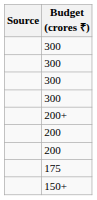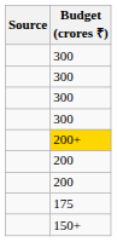 <table class="wikitable floatright sortable">
 <tr>
 <th>Source</th>
 <th>Budget <br>(crores ₹)</th>
 </tr>
 <tr>
 <td></td>
 <td>300</td>
 </tr>
 <tr>
 <td></td>
 <td>300</td>
 </tr>
 <tr>
 <td></td>
 <td>300</td>
 </tr>
 <tr>
 <td></td>
 <td>300</td>
 </tr>
 <tr>
 <td></td>
-<td>200+</td>
+<td style="background: gold;">200+</td>
 </tr>
 <tr>
 <td></td>
 <td>200</td>
 </tr>
 <tr>
 <td></td>
 <td>200</td>
 </tr>
 <tr>
 <td></td>
 <td>175</td>
 </tr>
 <tr>
 <td></td>
 <td>150+</td>
 </tr>
 </table>
